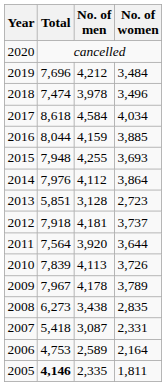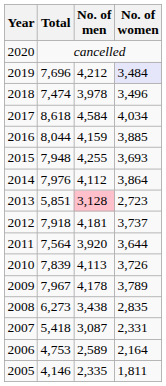 <table class="wikitable sortable">
 <tr>
 <th>Year</th>
 <th>Total</th>
 <th>No. of<br>men</th>
 <th>No. of<br>women</th>
 </tr>
 <tr>
 <td>2020</td>
 <td colspan="3" align="center"><em>cancelled</em></td>
 </tr>
 <tr>
 <td>2019</td>
 <td>7,696</td>
 <td>4,212</td>
-<td>3,484</td>
+<td style="background: lavender;">3,484</td>
 </tr>
 <tr>
 <td>2018</td>
 <td>7,474</td>
 <td>3,978</td>
 <td>3,496</td>
 </tr>
 <tr>
 <td>2017</td>
 <td>8,618</td>
 <td>4,584</td>
 <td>4,034</td>
 </tr>
 <tr>
 <td>2016</td>
 <td>8,044</td>
 <td>4,159</td>
 <td>3,885</td>
 </tr>
 <tr>
 <td>2015</td>
 <td>7,948</td>
 <td>4,255</td>
 <td>3,693</td>
 </tr>
 <tr>
 <td>2014</td>
 <td>7,976</td>
 <td>4,112</td>
 <td>3,864</td>
 </tr>
 <tr>
 <td>2013</td>
 <td>5,851</td>
-<td>3,128</td>
+<td style="background: pink;">3,128</td>
 <td>2,723</td>
 </tr>
 <tr>
 <td>2012</td>
 <td>7,918</td>
 <td>4,181</td>
 <td>3,737</td>
 </tr>
 <tr>
 <td>2011</td>
 <td>7,564</td>
 <td>3,920</td>
 <td>3,644</td>
 </tr>
 <tr>
 <td>2010</td>
 <td>7,839</td>
 <td>4,113</td>
 <td>3,726</td>
 </tr>
 <tr>
 <td>2009</td>
 <td>7,967</td>
 <td>4,178</td>
 <td>3,789</td>
 </tr>
 <tr>
 <td>2008</td>
 <td>6,273</td>
 <td>3,438</td>
 <td>2,835</td>
 </tr>
 <tr>
 <td>2007</td>
 <td>5,418</td>
 <td>3,087</td>
 <td>2,331</td>
 </tr>
 <tr>
 <td>2006</td>
 <td>4,753</td>
 <td>2,589</td>
 <td>2,164</td>
 </tr>
 <tr>
 <td>2005</td>
-<td><strong>4,146</strong></td>
+<td>4,146</td>
 <td>2,335</td>
 <td>1,811</td>
 </tr>
 </table>
